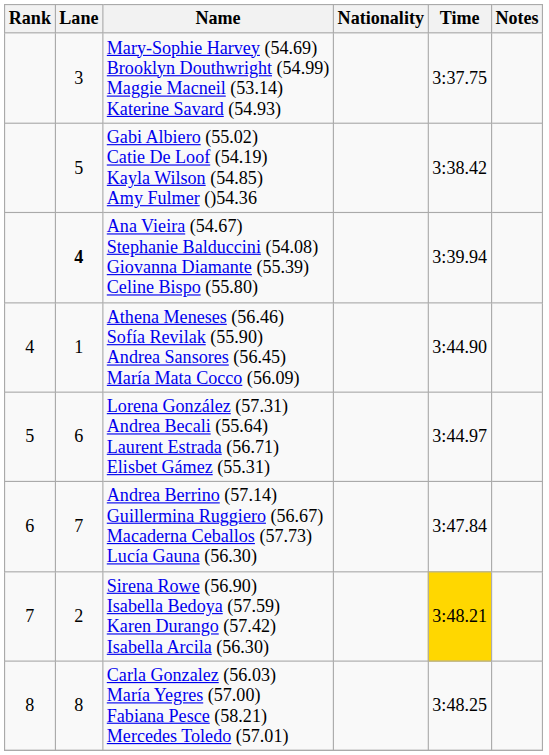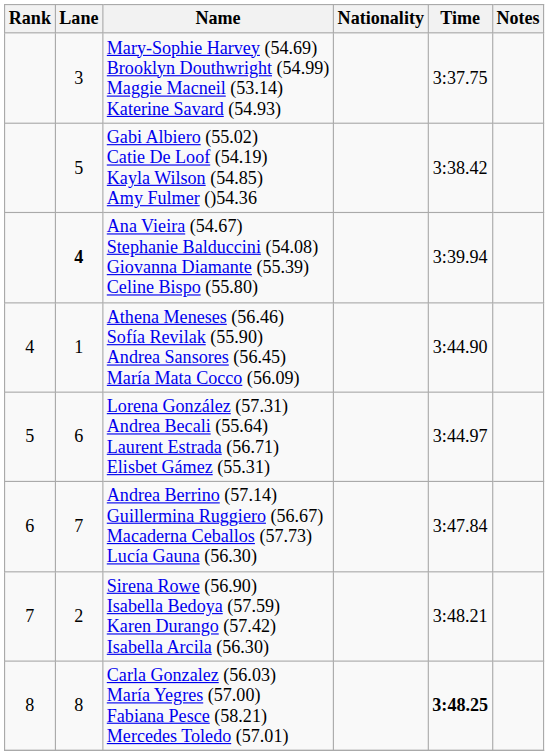 <table class="wikitable sortable" style="text-align:center">
 <tr>
 <th>Rank</th>
 <th>Lane</th>
 <th>Name</th>
 <th>Nationality</th>
 <th>Time</th>
 <th>Notes</th>
 </tr>
 <tr>
 <td></td>
 <td>3</td>
 <td align="left"><a href='#'>Mary-Sophie Harvey</a> (54.69)<br><a href='#'>Brooklyn Douthwright</a> (54.99)<br><a href='#'>Maggie Macneil</a> (53.14)<br><a href='#'>Katerine Savard</a> (54.93)</td>
 <td align="left"></td>
 <td>3:37.75</td>
 <td></td>
 </tr>
 <tr>
 <td></td>
 <td>5</td>
 <td align="left"><a href='#'>Gabi Albiero</a> (55.02)<br><a href='#'>Catie De Loof</a> (54.19)<br><a href='#'>Kayla Wilson</a> (54.85)<br><a href='#'>Amy Fulmer</a> ()54.36</td>
 <td align="left"></td>
 <td>3:38.42</td>
 <td></td>
 </tr>
 <tr>
 <td></td>
 <td><strong>4</strong></td>
 <td align="left"><a href='#'>Ana Vieira</a> (54.67)<br><a href='#'>Stephanie Balduccini</a> (54.08)<br><a href='#'>Giovanna Diamante</a> (55.39)<br><a href='#'>Celine Bispo</a> (55.80)</td>
 <td align="left"></td>
 <td>3:39.94</td>
 <td></td>
 </tr>
 <tr>
 <td>4</td>
 <td>1</td>
 <td align="left"><a href='#'>Athena Meneses</a> (56.46)<br><a href='#'>Sofía Revilak</a> (55.90)<br><a href='#'>Andrea Sansores</a> (56.45)<br><a href='#'>María Mata Cocco</a> (56.09)</td>
 <td align="left"></td>
 <td>3:44.90</td>
 <td></td>
 </tr>
 <tr>
 <td>5</td>
 <td>6</td>
 <td align="left"><a href='#'>Lorena González</a> (57.31)<br><a href='#'>Andrea Becali</a> (55.64)<br><a href='#'>Laurent Estrada</a> (56.71)<br><a href='#'>Elisbet Gámez</a> (55.31)</td>
 <td align="left"></td>
 <td>3:44.97</td>
 <td></td>
 </tr>
 <tr>
 <td>6</td>
 <td>7</td>
 <td align="left"><a href='#'>Andrea Berrino</a> (57.14)<br><a href='#'>Guillermina Ruggiero</a> (56.67)<br><a href='#'>Macaderna Ceballos</a> (57.73)<br><a href='#'>Lucía Gauna</a> (56.30)</td>
 <td align="left"></td>
 <td>3:47.84</td>
 <td></td>
 </tr>
 <tr>
 <td>7</td>
 <td>2</td>
 <td align="left"><a href='#'>Sirena Rowe</a> (56.90)<br><a href='#'>Isabella Bedoya</a> (57.59)<br><a href='#'>Karen Durango</a> (57.42)<br><a href='#'>Isabella Arcila</a> (56.30)</td>
 <td align="left"></td>
-<td style="background: gold;">3:48.21</td>
+<td>3:48.21</td>
 <td></td>
 </tr>
 <tr>
 <td>8</td>
 <td>8</td>
 <td align="left"><a href='#'>Carla Gonzalez</a> (56.03)<br><a href='#'>María Yegres</a> (57.00)<br><a href='#'>Fabiana Pesce</a> (58.21)<br><a href='#'>Mercedes Toledo</a> (57.01)</td>
 <td align="left"></td>
-<td>3:48.25</td>
+<td><strong>3:48.25</strong></td>
 <td></td>
 </tr>
 <tr>
 </tr>
 </table>
